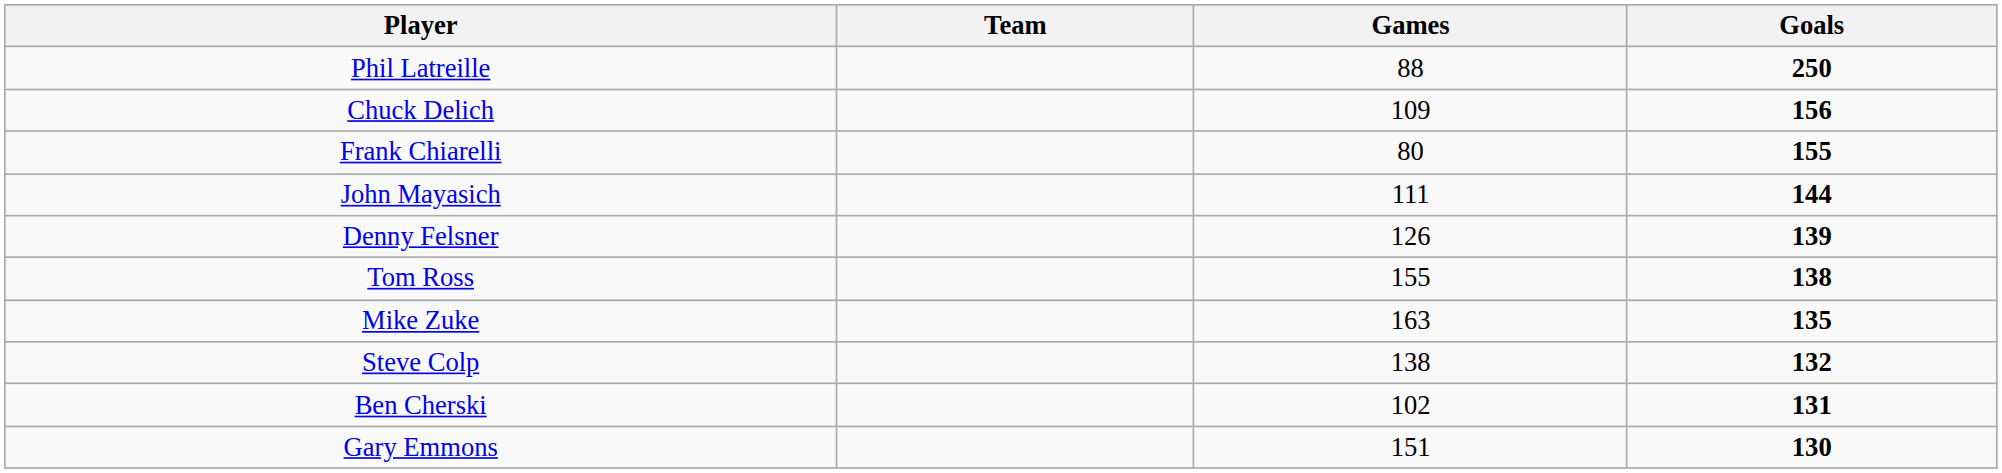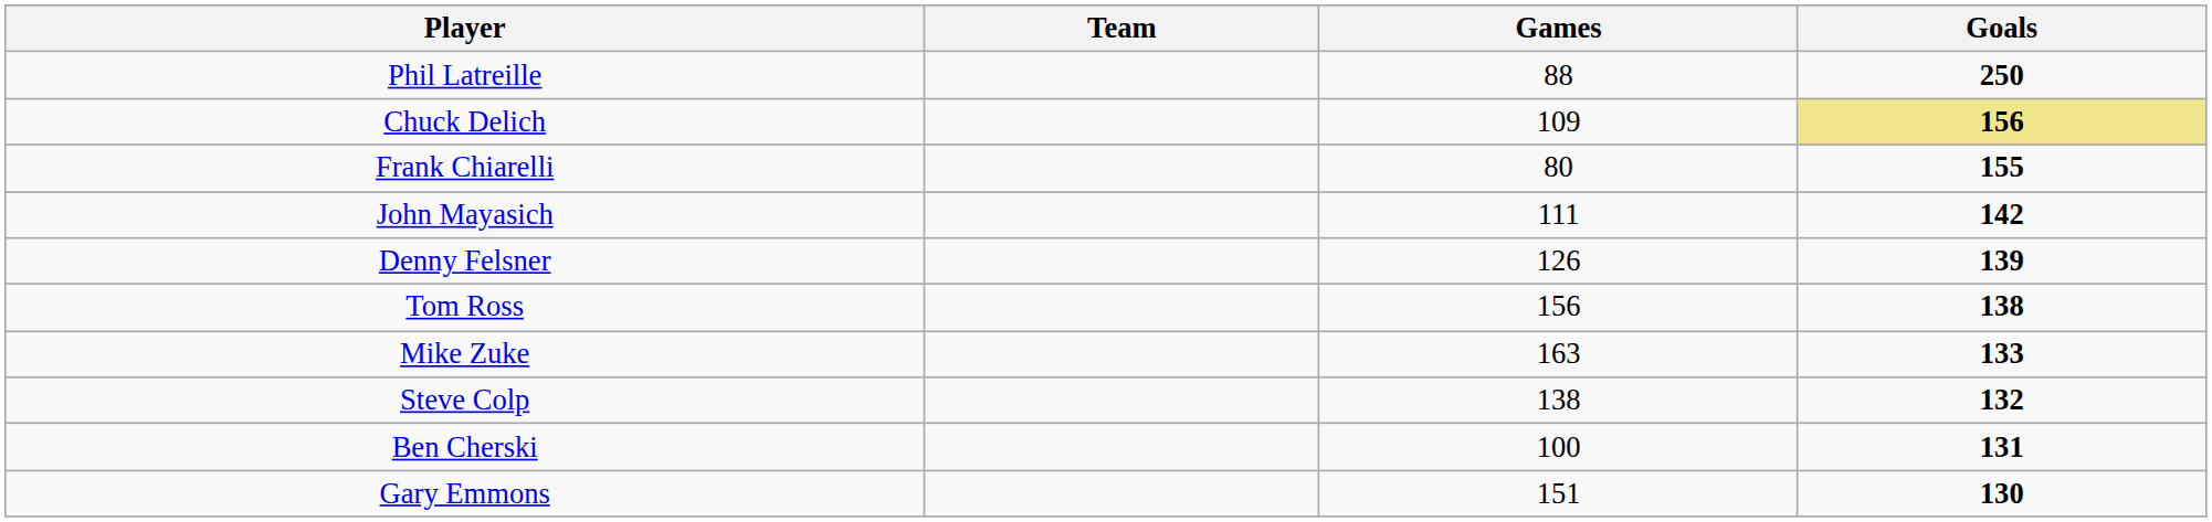 <table class="sortable wikitable" width =95%>
 <tr>
 <th>Player</th>
 <th>Team</th>
 <th>Games</th>
 <th>Goals</th>
 </tr>
 <tr align=center>
 <td><a href='#'>Phil Latreille</a></td>
 <td><strong><a href='#'></a></strong></td>
 <td>88</td>
 <td><strong>250</strong></td>
 </tr>
 <tr align=center>
 <td><a href='#'>Chuck Delich</a></td>
 <td><strong><a href='#'></a></strong></td>
 <td>109</td>
-<td><strong>156</strong></td>
+<td style="background: khaki;"><strong>156</strong></td>
 </tr>
 <tr align=center>
 <td><a href='#'>Frank Chiarelli</a></td>
 <td><strong><a href='#'></a></strong></td>
 <td>80</td>
 <td><strong>155</strong></td>
 </tr>
 <tr align=center>
 <td><a href='#'>John Mayasich</a></td>
 <td><strong><a href='#'></a></strong></td>
 <td>111</td>
-<td><strong>144</strong></td>
+<td><strong>142</strong></td>
 </tr>
 <tr align=center>
 <td><a href='#'>Denny Felsner</a></td>
 <td><strong><a href='#'></a></strong></td>
 <td>126</td>
 <td><strong>139</strong></td>
 </tr>
 <tr align=center>
 <td><a href='#'>Tom Ross</a></td>
 <td><strong><a href='#'></a></strong></td>
-<td>155</td>
+<td>156</td>
 <td><strong>138</strong></td>
 </tr>
 <tr align=center>
 <td><a href='#'>Mike Zuke</a></td>
 <td><strong><a href='#'></a></strong></td>
 <td>163</td>
-<td><strong>135</strong></td>
+<td><strong>133</strong></td>
 </tr>
 <tr align=center>
 <td><a href='#'>Steve Colp</a></td>
 <td><strong><a href='#'></a></strong></td>
 <td>138</td>
 <td><strong>132</strong></td>
 </tr>
 <tr align=center>
 <td><a href='#'>Ben Cherski</a></td>
 <td><strong><a href='#'></a></strong></td>
-<td>102</td>
+<td>100</td>
 <td><strong>131</strong></td>
 </tr>
 <tr align=center>
 <td><a href='#'>Gary Emmons</a></td>
 <td><strong><a href='#'></a></strong></td>
 <td>151</td>
 <td><strong>130</strong></td>
 </tr>
 </table>
